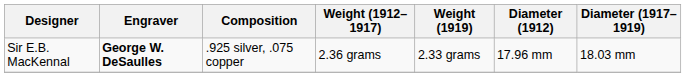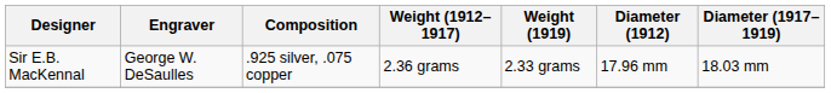 <table class="wikitable">
 <tr>
 <th>Designer</th>
 <th>Engraver</th>
 <th>Composition</th>
 <th>Weight (1912–1917)</th>
 <th>Weight (1919)</th>
 <th>Diameter (1912)</th>
 <th>Diameter (1917–1919)</th>
 </tr>
 <tr>
 <td>Sir E.B. MacKennal</td>
-<td><strong>George W. DeSaulles</strong></td>
+<td>George W. DeSaulles</td>
 <td>.925 silver, .075 copper</td>
 <td>2.36 grams</td>
 <td>2.33 grams</td>
 <td>17.96 mm</td>
 <td>18.03 mm</td>
 </tr>
 <tr>
 </tr>
 </table>
